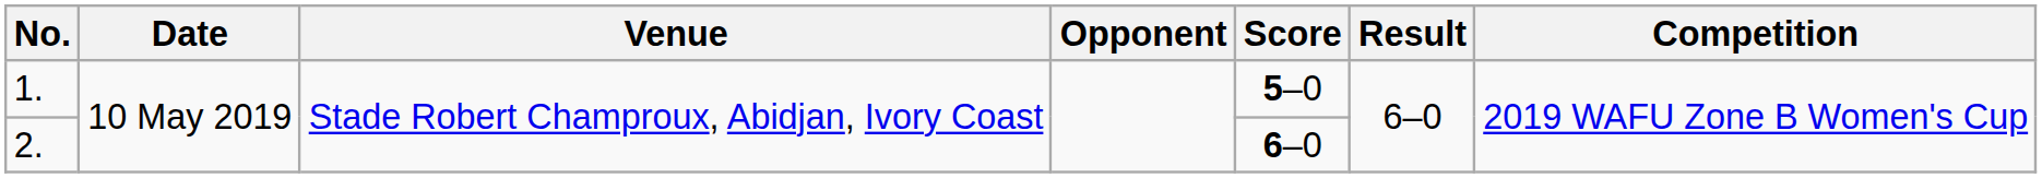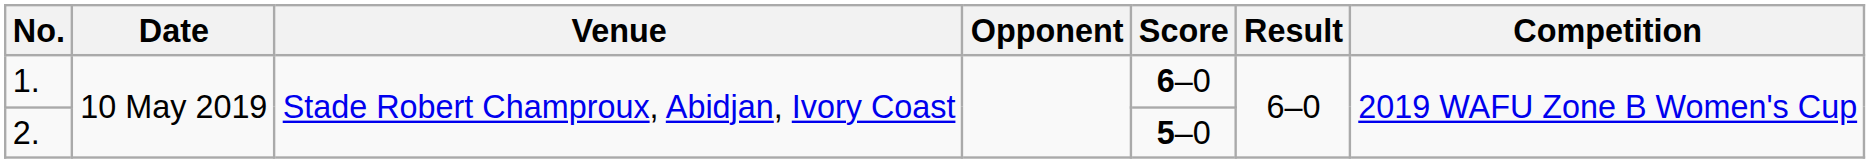 <table class="wikitable" style="font-size:85%;">
 <tr>
 <th>No.</th>
 <th>Date</th>
 <th>Venue</th>
 <th>Opponent</th>
 <th>Score</th>
 <th>Result</th>
 <th>Competition</th>
 </tr>
 <tr>
 <td>1.</td>
 <td rowspan="2">10 May 2019</td>
 <td rowspan="2"><a href='#'>Stade Robert Champroux</a>, <a href='#'>Abidjan</a>, <a href='#'>Ivory Coast</a></td>
 <td rowspan="2"></td>
-<td style="text-align:center;"><strong>5</strong>–0</td>
+<td style="text-align:center;"><strong>6</strong>–0</td>
 <td style="text-align:center;" rowspan="2">6–0</td>
 <td rowspan="2"><a href='#'>2019 WAFU Zone B Women's Cup</a></td>
 </tr>
 <tr>
 <td>2.</td>
-<td style="text-align:center;"><strong>6</strong>–0</td>
+<td style="text-align:center;"><strong>5</strong>–0</td>
 </tr>
 </table>
